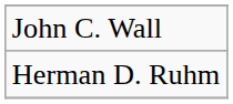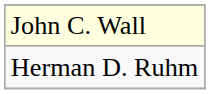 <table class="wikitable">
 <tr>
 </tr>
 <tr>
-<td>John C. Wall</td>
+<td style="background: lightyellow;">John C. Wall</td>
 </tr>
 <tr>
 <td>Herman D. Ruhm</td>
 </tr>
 <tr>
 </tr>
 </table>
